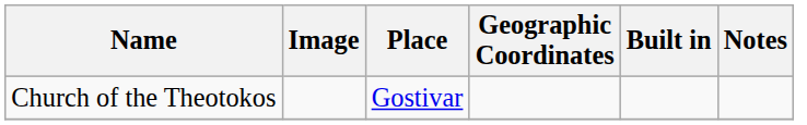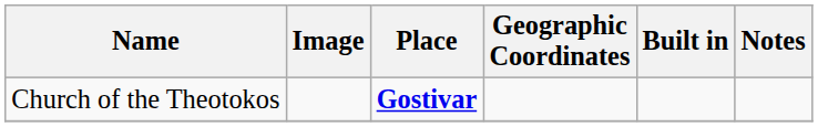 <table class="wikitable">
 <tr>
 <th><strong> Name</strong></th>
 <th><strong> Image</strong></th>
 <th><strong> Place</strong></th>
 <th><strong> Geographic</strong><br><strong>Coordinates</strong></th>
 <th><strong> Built in</strong></th>
 <th><strong> Notes</strong></th>
 </tr>
 <tr>
 <td>Church of the Theotokos</td>
 <td></td>
-<td><a href='#'>Gostivar</a></td>
+<td><strong><a href='#'>Gostivar</a></strong></td>
 <td></td>
 <td></td>
 <td></td>
 </tr>
 <tr>
 </tr>
 </table>
